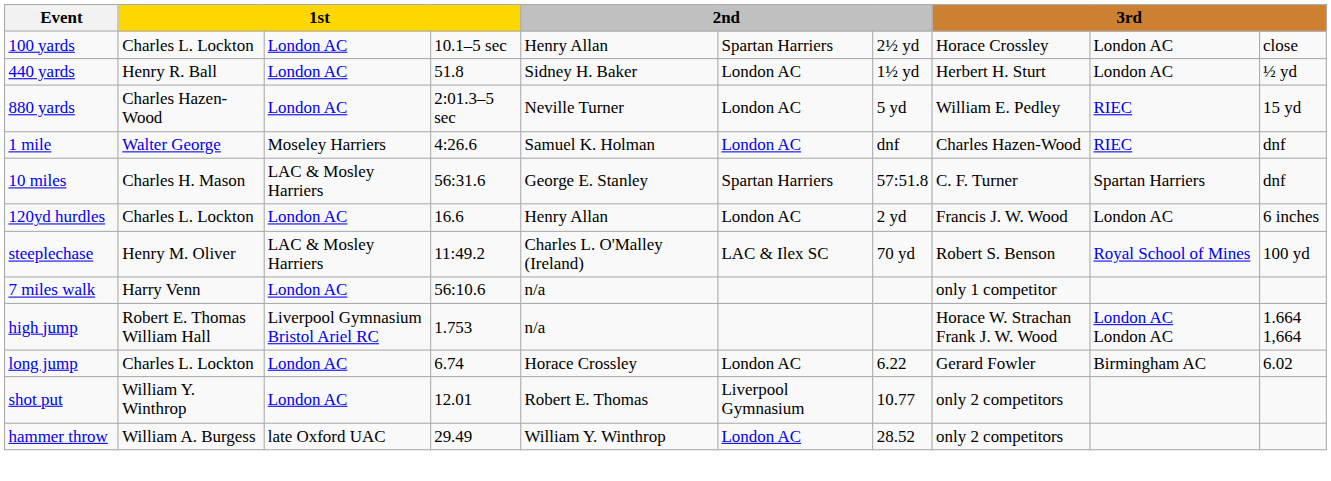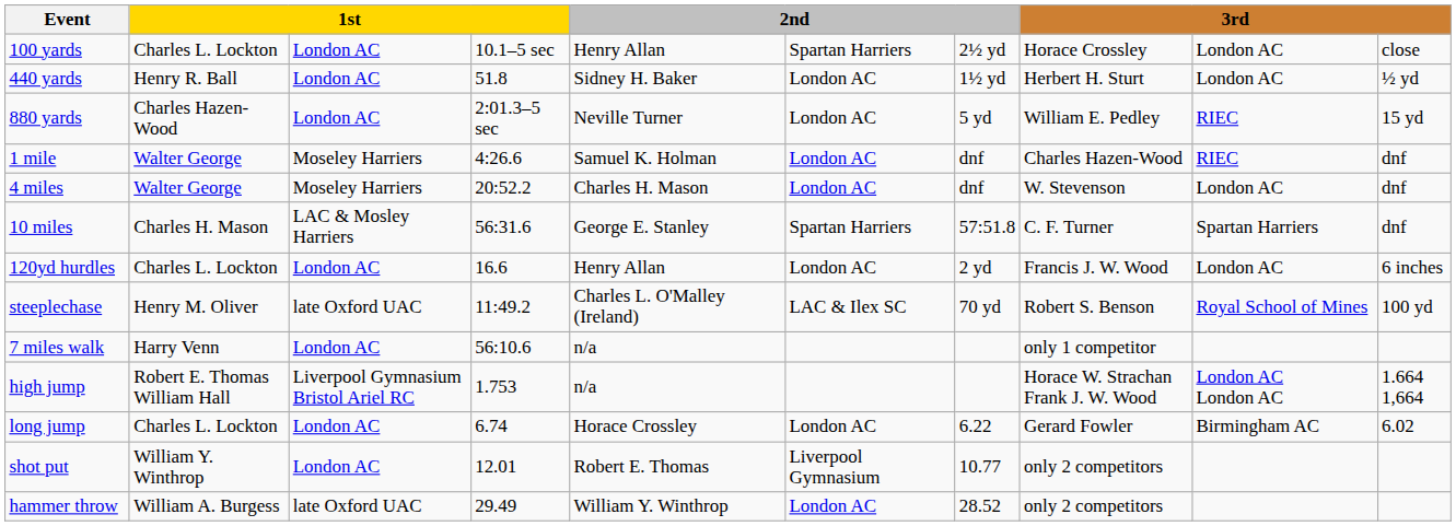 <table class="wikitable" style="text-align:left">
 <tr>
 <th width=100>Event</th>
 <th colspan="3" width="380" style="background:gold;">1st</th>
 <th colspan="3" width="380" style="background:silver;">2nd</th>
 <th colspan="3" width="380" style="background:#CD7F32;">3rd</th>
 </tr>
 <tr>
 <td><a href='#'>100 yards</a></td>
 <td>Charles L. Lockton</td>
 <td><a href='#'>London AC</a></td>
 <td>10.1–5 sec</td>
 <td>Henry Allan</td>
 <td>Spartan Harriers</td>
 <td>2½ yd</td>
 <td>Horace Crossley</td>
 <td>London AC</td>
 <td>close</td>
 </tr>
 <tr>
 <td><a href='#'>440 yards</a></td>
 <td>Henry R. Ball</td>
 <td><a href='#'>London AC</a></td>
 <td>51.8</td>
 <td>Sidney H. Baker</td>
 <td>London AC</td>
 <td>1½ yd</td>
 <td>Herbert H. Sturt</td>
 <td>London AC</td>
 <td>½ yd</td>
 </tr>
 <tr>
 <td><a href='#'>880 yards</a></td>
 <td>Charles Hazen-Wood</td>
 <td><a href='#'>London AC</a></td>
 <td>2:01.3–5 sec</td>
 <td>Neville Turner</td>
 <td>London AC</td>
 <td>5 yd</td>
 <td>William E. Pedley</td>
 <td><a href='#'>RIEC</a></td>
 <td>15 yd</td>
 </tr>
 <tr>
 <td><a href='#'>1 mile</a></td>
 <td><a href='#'>Walter George</a></td>
 <td>Moseley Harriers</td>
 <td>4:26.6</td>
 <td>Samuel K. Holman</td>
 <td><a href='#'>London AC</a></td>
 <td>dnf</td>
 <td>Charles Hazen-Wood</td>
 <td><a href='#'>RIEC</a></td>
 <td>dnf</td>
 </tr>
 <tr>
+<td><a href='#'>4 miles</a></td>
+<td><a href='#'>Walter George</a></td>
+<td>Moseley Harriers</td>
+<td>20:52.2</td>
+<td>Charles H. Mason</td>
+<td><a href='#'>London AC</a></td>
+<td>dnf</td>
+<td>W. Stevenson</td>
+<td>London AC</td>
+<td>dnf</td>
+</tr>
+<tr>
 <td><a href='#'>10 miles</a></td>
 <td>Charles H. Mason</td>
 <td>LAC & Mosley Harriers</td>
 <td>56:31.6</td>
 <td>George E. Stanley</td>
 <td>Spartan Harriers</td>
 <td>57:51.8</td>
 <td>C. F. Turner</td>
 <td>Spartan Harriers</td>
 <td>dnf</td>
 </tr>
 <tr>
 <td><a href='#'>120yd hurdles</a></td>
 <td>Charles L. Lockton</td>
 <td><a href='#'>London AC</a></td>
 <td>16.6</td>
 <td>Henry Allan</td>
 <td>London AC</td>
 <td>2 yd</td>
 <td>Francis J. W. Wood</td>
 <td>London AC</td>
 <td>6 inches</td>
 </tr>
 <tr>
 <td><a href='#'>steeplechase</a></td>
 <td>Henry M. Oliver</td>
-<td>LAC & Mosley Harriers</td>
+<td>late Oxford UAC</td>
 <td>11:49.2</td>
 <td>Charles L. O'Malley (Ireland)</td>
 <td>LAC & Ilex SC</td>
 <td>70 yd</td>
 <td>Robert S. Benson</td>
 <td><a href='#'>Royal School of Mines</a></td>
 <td>100 yd</td>
 </tr>
 <tr>
 <td><a href='#'>7 miles walk</a></td>
 <td>Harry Venn</td>
 <td><a href='#'>London AC</a></td>
 <td>56:10.6</td>
 <td>n/a</td>
 <td></td>
 <td></td>
 <td>only 1 competitor</td>
 <td></td>
 <td></td>
 </tr>
 <tr>
 <td><a href='#'>high jump</a></td>
 <td>Robert E. Thomas <br>William Hall</td>
 <td>Liverpool Gymnasium<br><a href='#'>Bristol Ariel RC</a></td>
 <td>1.753</td>
 <td>n/a</td>
 <td></td>
 <td></td>
 <td>Horace W. Strachan <br> Frank J. W. Wood</td>
 <td><a href='#'>London AC</a> <br>London AC</td>
 <td>1.664<br>1,664</td>
 </tr>
 <tr>
 <td><a href='#'>long jump</a></td>
 <td>Charles L. Lockton</td>
 <td><a href='#'>London AC</a></td>
 <td>6.74</td>
 <td>Horace Crossley</td>
 <td>London AC</td>
 <td>6.22</td>
 <td>Gerard Fowler</td>
 <td>Birmingham AC</td>
 <td>6.02</td>
 </tr>
 <tr>
 <td><a href='#'>shot put</a></td>
 <td>William Y. Winthrop</td>
 <td><a href='#'>London AC</a></td>
 <td>12.01</td>
 <td>Robert E. Thomas</td>
 <td>Liverpool Gymnasium</td>
 <td>10.77</td>
 <td>only 2 competitors</td>
 <td></td>
 <td></td>
 </tr>
 <tr>
 <td><a href='#'>hammer throw</a></td>
 <td>William A. Burgess</td>
 <td>late Oxford UAC</td>
 <td>29.49</td>
 <td>William Y. Winthrop</td>
 <td><a href='#'>London AC</a></td>
 <td>28.52</td>
 <td>only 2 competitors</td>
 <td></td>
 <td></td>
 </tr>
 </table>
